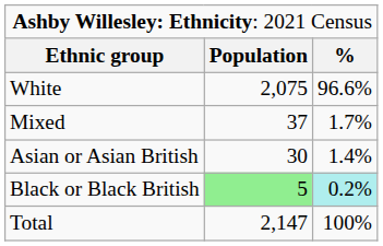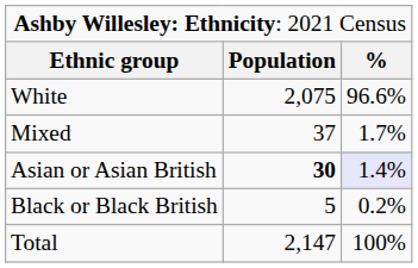 <table class="wikitable">
 <tr>
 <td colspan="14" style="text-align:right;"><strong>Ashby Willesley: Ethnicity</strong>: 2021 Census</td>
 </tr>
 <tr>
 <th>Ethnic group</th>
 <th>Population</th>
 <th>%</th>
 </tr>
 <tr>
 <td>White</td>
 <td style="text-align:right;">2,075</td>
 <td style="text-align:right;">96.6%</td>
 </tr>
 <tr>
 <td>Mixed</td>
 <td style="text-align:right;">37</td>
 <td style="text-align:right;">1.7%</td>
 </tr>
 <tr>
 <td>Asian or Asian British</td>
-<td style="text-align:right;">30</td>
-<td style="text-align:right;">1.4%</td>
+<td style="text-align:right;"><strong>30</strong></td>
+<td style="background: lavender; text-align:right;">1.4%</td>
 </tr>
 <tr>
 <td>Black or Black British</td>
-<td style="background: lightgreen; text-align:right;">5</td>
-<td style="background: paleturquoise; text-align:right;">0.2%</td>
+<td style="text-align:right;">5</td>
+<td style="text-align:right;">0.2%</td>
 </tr>
 <tr>
 <td>Total</td>
 <td style="text-align:right;">2,147</td>
 <td style="text-align:right;">100%</td>
 </tr>
 </table>
